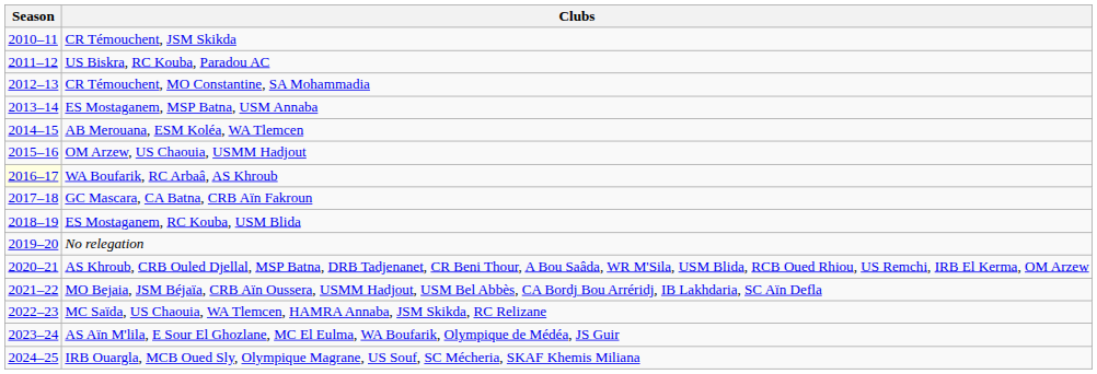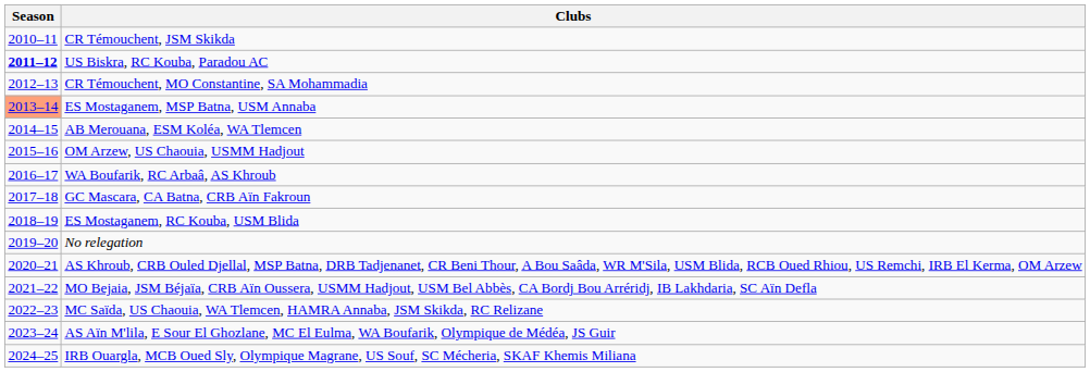 <table class="wikitable" style="text-align:left;">
 <tr>
 <th>Season</th>
 <th>Clubs</th>
 </tr>
 <tr>
 <td><a href='#'>2010–11</a></td>
 <td><a href='#'>CR Témouchent</a>, <a href='#'>JSM Skikda</a></td>
 </tr>
 <tr>
-<td><a href='#'>2011–12</a></td>
+<td><strong><a href='#'>2011–12</a></strong></td>
 <td><a href='#'>US Biskra</a>, <a href='#'>RC Kouba</a>, <a href='#'>Paradou AC</a></td>
 </tr>
 <tr>
 <td><a href='#'>2012–13</a></td>
 <td><a href='#'>CR Témouchent</a>, <a href='#'>MO Constantine</a>, <a href='#'>SA Mohammadia</a></td>
 </tr>
 <tr>
-<td><a href='#'>2013–14</a></td>
+<td style="background: lightsalmon;"><a href='#'>2013–14</a></td>
 <td><a href='#'>ES Mostaganem</a>, <a href='#'>MSP Batna</a>, <a href='#'>USM Annaba</a></td>
 </tr>
 <tr>
 <td><a href='#'>2014–15</a></td>
 <td><a href='#'>AB Merouana</a>, <a href='#'>ESM Koléa</a>, <a href='#'>WA Tlemcen</a></td>
 </tr>
 <tr>
 <td><a href='#'>2015–16</a></td>
 <td><a href='#'>OM Arzew</a>, <a href='#'>US Chaouia</a>, <a href='#'>USMM Hadjout</a></td>
 </tr>
 <tr>
-<td style="background: lightyellow;"><a href='#'>2016–17</a></td>
+<td><a href='#'>2016–17</a></td>
 <td><a href='#'>WA Boufarik</a>, <a href='#'>RC Arbaâ</a>, <a href='#'>AS Khroub</a></td>
 </tr>
 <tr>
 <td><a href='#'>2017–18</a></td>
 <td><a href='#'>GC Mascara</a>, <a href='#'>CA Batna</a>, <a href='#'>CRB Aïn Fakroun</a></td>
 </tr>
 <tr>
 <td><a href='#'>2018–19</a></td>
 <td><a href='#'>ES Mostaganem</a>, <a href='#'>RC Kouba</a>, <a href='#'>USM Blida</a></td>
 </tr>
 <tr>
 <td><a href='#'>2019–20</a></td>
 <td><em>No relegation</em></td>
 </tr>
 <tr>
 <td><a href='#'>2020–21</a></td>
 <td><a href='#'>AS Khroub</a>, <a href='#'>CRB Ouled Djellal</a>, <a href='#'>MSP Batna</a>, <a href='#'>DRB Tadjenanet</a>, <a href='#'>CR Beni Thour</a>, <a href='#'>A Bou Saâda</a>, <a href='#'>WR M'Sila</a>, <a href='#'>USM Blida</a>, <a href='#'>RCB Oued Rhiou</a>, <a href='#'>US Remchi</a>, <a href='#'>IRB El Kerma</a>, <a href='#'>OM Arzew</a></td>
 </tr>
 <tr>
 <td><a href='#'>2021–22</a></td>
 <td><a href='#'>MO Bejaia</a>, <a href='#'>JSM Béjaïa</a>, <a href='#'>CRB Aïn Oussera</a>, <a href='#'>USMM Hadjout</a>, <a href='#'>USM Bel Abbès</a>, <a href='#'>CA Bordj Bou Arréridj</a>, <a href='#'>IB Lakhdaria</a>, <a href='#'>SC Aïn Defla</a></td>
 </tr>
 <tr>
 <td><a href='#'>2022–23</a></td>
 <td><a href='#'>MC Saïda</a>, <a href='#'>US Chaouia</a>, <a href='#'>WA Tlemcen</a>, <a href='#'>HAMRA Annaba</a>, <a href='#'>JSM Skikda</a>, <a href='#'>RC Relizane</a></td>
 </tr>
 <tr>
 <td><a href='#'>2023–24</a></td>
 <td><a href='#'>AS Aïn M'lila</a>, <a href='#'>E Sour El Ghozlane</a>, <a href='#'>MC El Eulma</a>, <a href='#'>WA Boufarik</a>, <a href='#'>Olympique de Médéa</a>, <a href='#'>JS Guir</a></td>
 </tr>
 <tr>
 <td><a href='#'>2024–25</a></td>
 <td><a href='#'>IRB Ouargla</a>, <a href='#'>MCB Oued Sly</a>, <a href='#'>Olympique Magrane</a>, <a href='#'>US Souf</a>, <a href='#'>SC Mécheria</a>, <a href='#'>SKAF Khemis Miliana</a></td>
 </tr>
 </table>
